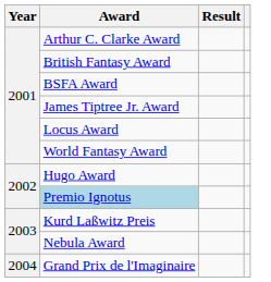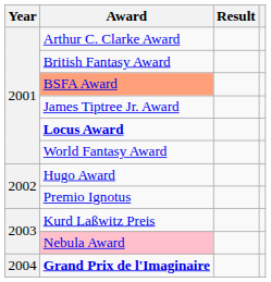 <table class="wikitable">
 <tr>
 <th>Year</th>
 <th>Award</th>
 <th>Result</th>
 <th></th>
 </tr>
 <tr>
 <th style="font-weight: normal" rowspan=6>2001</th>
 <td><a href='#'>Arthur C. Clarke Award</a></td>
 <td></td>
 <td align=center></td>
 </tr>
 <tr>
 <td><a href='#'>British Fantasy Award</a></td>
 <td></td>
 <td align=center></td>
 </tr>
 <tr>
-<td><a href='#'>BSFA Award</a></td>
+<td style="background: lightsalmon;"><a href='#'>BSFA Award</a></td>
 <td></td>
 <td align=center></td>
 </tr>
 <tr>
 <td><a href='#'>James Tiptree Jr. Award</a></td>
 <td></td>
 <td align=center></td>
 </tr>
 <tr>
-<td><a href='#'>Locus Award</a></td>
+<td><strong><a href='#'>Locus Award</a></strong></td>
 <td></td>
 <td align=center></td>
 </tr>
 <tr>
 <td><a href='#'>World Fantasy Award</a></td>
 <td></td>
 <td align=center></td>
 </tr>
 <tr>
 <th style="font-weight: normal" rowspan=2>2002</th>
 <td><a href='#'>Hugo Award</a></td>
 <td></td>
 <td align=center></td>
 </tr>
 <tr>
-<td style="background: lightblue;"><a href='#'>Premio Ignotus</a></td>
+<td><a href='#'>Premio Ignotus</a></td>
 <td></td>
 <td align=center></td>
 </tr>
 <tr>
 <th style="font-weight: normal" rowspan=2>2003</th>
 <td><a href='#'>Kurd Laßwitz Preis</a></td>
 <td></td>
 <td align=center></td>
 </tr>
 <tr>
-<td><a href='#'>Nebula Award</a></td>
+<td style="background: pink;"><a href='#'>Nebula Award</a></td>
 <td></td>
 <td align=center></td>
 </tr>
 <tr>
 <th style="font-weight: normal">2004</th>
-<td><a href='#'>Grand Prix de l'Imaginaire</a></td>
+<td><strong><a href='#'>Grand Prix de l'Imaginaire</a></strong></td>
 <td></td>
 <td align=center></td>
 </tr>
 </table>
